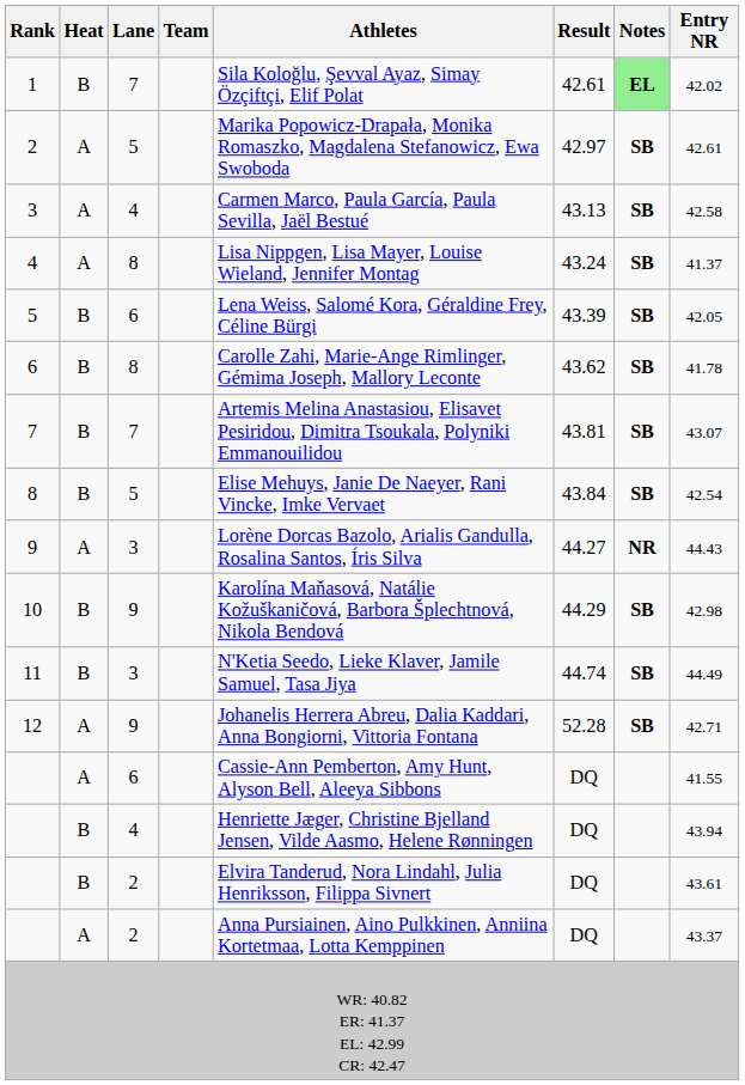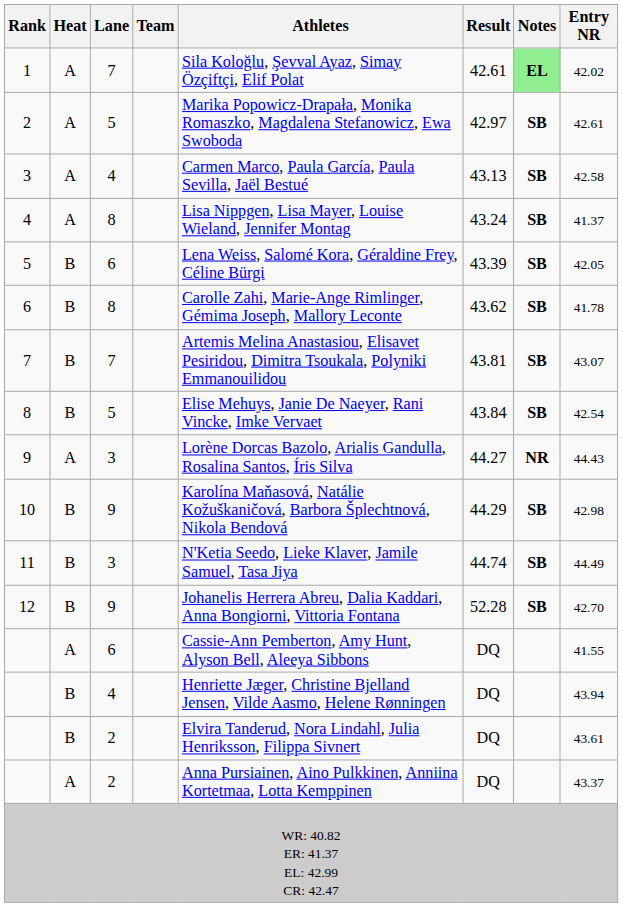 <table class="wikitable sortable" style="text-align:center;">
 <tr>
 <th>Rank</th>
 <th>Heat</th>
 <th>Lane</th>
 <th>Team</th>
 <th>Athletes</th>
 <th>Result</th>
 <th>Notes</th>
 <th>Entry NR</th>
 </tr>
 <tr>
 <td>1</td>
-<td>B</td>
+<td>A</td>
 <td>7</td>
 <td align=left></td>
 <td align=left><a href='#'>Sila Koloğlu</a>, <a href='#'>Şevval Ayaz</a>, <a href='#'>Simay Özçiftçi</a>, <a href='#'>Elif Polat</a></td>
 <td>42.61</td>
 <td style="background: lightgreen;"> <strong>EL</strong></td>
 <td><small>42.02</small></td>
 </tr>
 <tr>
 <td>2</td>
 <td>A</td>
 <td>5</td>
 <td align=left></td>
 <td align=left><a href='#'>Marika Popowicz-Drapała</a>, <a href='#'>Monika Romaszko</a>, <a href='#'>Magdalena Stefanowicz</a>, <a href='#'>Ewa Swoboda</a></td>
 <td>42.97</td>
 <td> <strong>SB</strong></td>
 <td><small>42.61</small></td>
 </tr>
 <tr>
 <td>3</td>
 <td>A</td>
 <td>4</td>
 <td align=left></td>
 <td align=left><a href='#'>Carmen Marco</a>, <a href='#'>Paula García</a>, <a href='#'>Paula Sevilla</a>, <a href='#'>Jaël Bestué</a></td>
 <td>43.13</td>
 <td> <strong>SB</strong></td>
 <td><small>42.58</small></td>
 </tr>
 <tr>
 <td>4</td>
 <td>A</td>
 <td>8</td>
 <td align=left></td>
 <td align=left><a href='#'>Lisa Nippgen</a>, <a href='#'>Lisa Mayer</a>, <a href='#'>Louise Wieland</a>, <a href='#'>Jennifer Montag</a></td>
 <td>43.24</td>
 <td><strong>SB</strong></td>
 <td><small>41.37</small></td>
 </tr>
 <tr>
 <td>5</td>
 <td>B</td>
 <td>6</td>
 <td align=left></td>
 <td align=left><a href='#'>Lena Weiss</a>, <a href='#'>Salomé Kora</a>, <a href='#'>Géraldine Frey</a>, <a href='#'>Céline Bürgi</a></td>
 <td>43.39</td>
 <td><strong>SB</strong></td>
 <td><small>42.05</small></td>
 </tr>
 <tr>
 <td>6</td>
 <td>B</td>
 <td>8</td>
 <td align=left></td>
 <td align=left><a href='#'>Carolle Zahi</a>, <a href='#'>Marie-Ange Rimlinger</a>, <a href='#'>Gémima Joseph</a>, <a href='#'>Mallory Leconte</a></td>
 <td>43.62</td>
 <td><strong>SB</strong></td>
 <td><small>41.78</small></td>
 </tr>
 <tr>
 <td>7</td>
 <td>B</td>
 <td>7</td>
 <td align=left></td>
 <td align=left><a href='#'>Artemis Melina Anastasiou</a>, <a href='#'>Elisavet Pesiridou</a>, <a href='#'>Dimitra Tsoukala</a>, <a href='#'>Polyniki Emmanouilidou</a></td>
 <td>43.81</td>
 <td><strong>SB</strong></td>
 <td><small>43.07</small></td>
 </tr>
 <tr>
 <td>8</td>
 <td>B</td>
 <td>5</td>
 <td align=left></td>
 <td align=left><a href='#'>Elise Mehuys</a>, <a href='#'>Janie De Naeyer</a>, <a href='#'>Rani Vincke</a>, <a href='#'>Imke Vervaet</a></td>
 <td>43.84</td>
 <td><strong>SB</strong></td>
 <td><small>42.54</small></td>
 </tr>
 <tr>
 <td>9</td>
 <td>A</td>
 <td>3</td>
 <td align=left></td>
 <td align=left><a href='#'>Lorène Dorcas Bazolo</a>, <a href='#'>Arialis Gandulla</a>, <a href='#'>Rosalina Santos</a>, <a href='#'>Íris Silva</a></td>
 <td>44.27</td>
 <td><strong>NR</strong></td>
 <td><small>44.43</small></td>
 </tr>
 <tr>
 <td>10</td>
 <td>B</td>
 <td>9</td>
 <td align=left></td>
 <td align=left><a href='#'>Karolína Maňasová</a>, <a href='#'>Natálie Kožuškaničová</a>, <a href='#'>Barbora Šplechtnová</a>, <a href='#'>Nikola Bendová</a></td>
 <td>44.29</td>
 <td><strong>SB</strong></td>
 <td><small>42.98</small></td>
 </tr>
 <tr>
 <td>11</td>
 <td>B</td>
 <td>3</td>
 <td align=left></td>
 <td align=left><a href='#'>N'Ketia Seedo</a>, <a href='#'>Lieke Klaver</a>, <a href='#'>Jamile Samuel</a>, <a href='#'>Tasa Jiya</a></td>
 <td>44.74</td>
 <td><strong>SB</strong></td>
 <td><small>44.49</small></td>
 </tr>
 <tr>
 <td>12</td>
-<td>A</td>
+<td>B</td>
 <td>9</td>
 <td align=left></td>
 <td align=left><a href='#'>Johanelis Herrera Abreu</a>, <a href='#'>Dalia Kaddari</a>, <a href='#'>Anna Bongiorni</a>, <a href='#'>Vittoria Fontana</a></td>
 <td>52.28</td>
 <td><strong>SB</strong></td>
-<td><small>42.71</small></td>
+<td><small>42.70</small></td>
 </tr>
 <tr>
 <td></td>
 <td>A</td>
 <td>6</td>
 <td align=left></td>
 <td align=left><a href='#'>Cassie-Ann Pemberton</a>, <a href='#'>Amy Hunt</a>, <a href='#'>Alyson Bell</a>, <a href='#'>Aleeya Sibbons</a></td>
 <td>DQ</td>
 <td></td>
 <td><small>41.55</small></td>
 </tr>
 <tr>
 <td></td>
 <td>B</td>
 <td>4</td>
 <td align=left></td>
 <td align=left><a href='#'>Henriette Jæger</a>, <a href='#'>Christine Bjelland Jensen</a>, <a href='#'>Vilde Aasmo</a>, <a href='#'>Helene Rønningen</a></td>
 <td>DQ</td>
 <td></td>
 <td><small>43.94</small></td>
 </tr>
 <tr>
 <td></td>
 <td>B</td>
 <td>2</td>
 <td align=left></td>
 <td align=left><a href='#'>Elvira Tanderud</a>, <a href='#'>Nora Lindahl</a>, <a href='#'>Julia Henriksson</a>, <a href='#'>Filippa Sivnert</a></td>
 <td>DQ</td>
 <td></td>
 <td><small>43.61</small></td>
 </tr>
 <tr>
 <td></td>
 <td>A</td>
 <td>2</td>
 <td align=left></td>
 <td align=left><a href='#'>Anna Pursiainen</a>, <a href='#'>Aino Pulkkinen</a>, <a href='#'>Anniina Kortetmaa</a>, <a href='#'>Lotta Kemppinen</a></td>
 <td>DQ</td>
 <td></td>
 <td><small>43.37</small></td>
 </tr>
 <tr>
 <td colspan="8" bgcolor="#cccccc"><br> <small>WR:  40.82<br>ER:  41.37<br></small> <small>EL:   42.99<br>CR:  42.47</small></td>
 </tr>
 </table>
